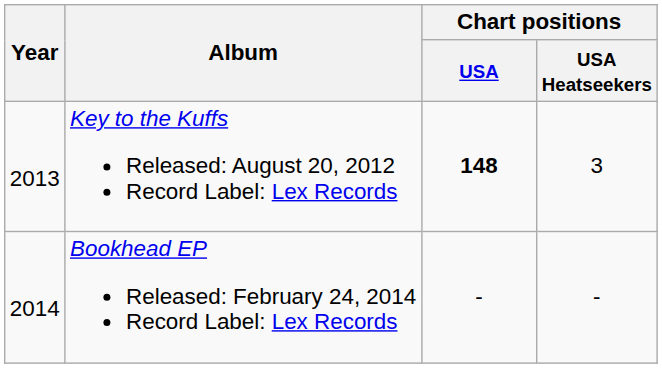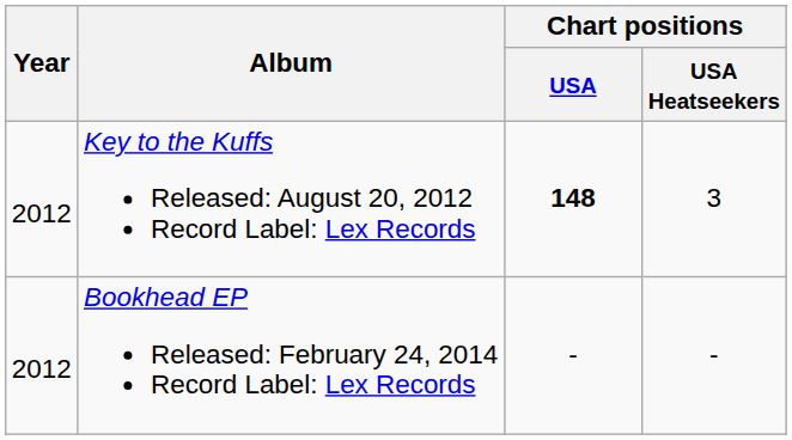 <table class="wikitable">
 <tr>
 <th rowspan="2">Year</th>
 <th rowspan="2">Album</th>
 <th colspan="2">Chart positions</th>
 </tr>
 <tr>
 <th width="75"><small><a href='#'>USA</a></small><br></th>
 <th width="75"><small>USA Heatseekers</small><br></th>
 </tr>
 <tr>
-<td style="text-align:center;"><br>2013</td>
+<td style="text-align:center;"><br>2012</td>
 <td align="left"><em><a href='#'>Key to the Kuffs</a></em><br><ul><li>Released: August 20, 2012</li><li>Record Label: <a href='#'>Lex Records</a></li></ul></td>
 <td style="text-align:center;"><strong>148</strong></td>
 <td style="text-align:center;">3</td>
 </tr>
 <tr>
-<td style="text-align:center;"><br>2014</td>
+<td style="text-align:center;"><br>2012</td>
 <td align="left"><em><a href='#'>Bookhead EP</a></em><br><ul><li>Released: February 24, 2014</li><li>Record Label: <a href='#'>Lex Records</a></li></ul></td>
 <td style="text-align:center;">-</td>
 <td style="text-align:center;">-</td>
 </tr>
 </table>
